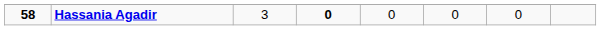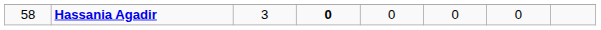 <table class="wikitable sortable" style="text-align: center;">
 <tr>
 </tr>
 <tr>
-<td width="50"><strong>58</strong></td>
+<td width="50">58</td>
 <td width="214" align="left"> <strong><a href='#'>Hassania Agadir</a></strong></td>
 <td width="70">3</td>
 <td width="70"><strong>0</strong></td>
 <td width="70">0</td>
 <td width="70">0</td>
 <td width="70">0</td>
 <td width="48"><strong></strong></td>
 </tr>
 </table>
